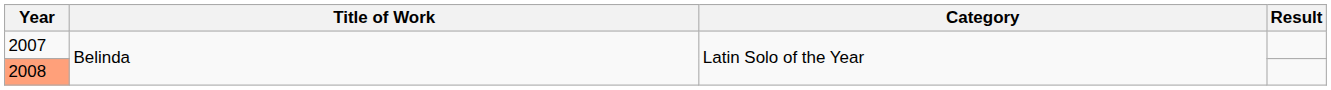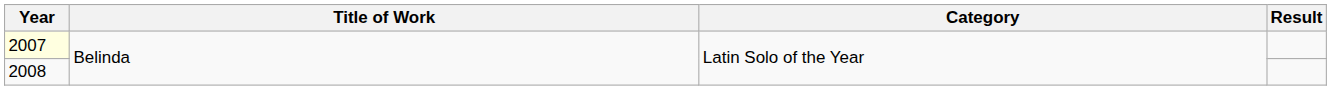 <table class="wikitable" style="table-layout: fixed;">
 <tr>
 <th style="width:5%;">Year</th>
 <th style="width:50%;">Title of Work</th>
 <th style="width:50%;">Category</th>
 <th style="width:10%;">Result</th>
 </tr>
 <tr>
-<td>2007</td>
+<td style="background: lightyellow;">2007</td>
 <td rowspan=2>Belinda</td>
 <td rowspan=2>Latin Solo of the Year</td>
 <td></td>
 </tr>
 <tr>
-<td style="background: lightsalmon;">2008</td>
+<td>2008</td>
 <td></td>
 </tr>
 </table>
